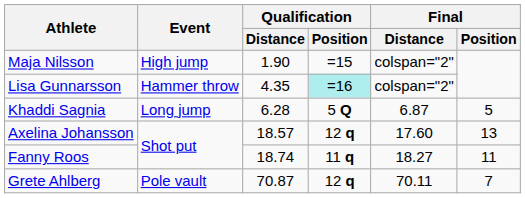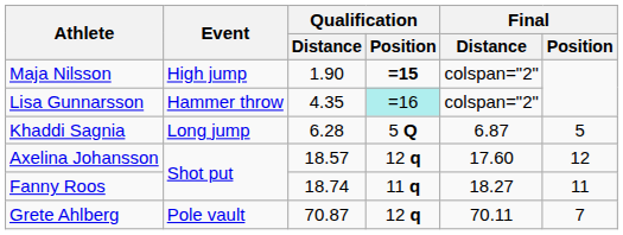 <table class="wikitable" style="font-size:90%">
 <tr>
 <th rowspan="2">Athlete</th>
 <th rowspan="2">Event</th>
 <th colspan="2">Qualification</th>
 <th colspan="2">Final</th>
 </tr>
 <tr style="font-size:95%">
 <th>Distance</th>
 <th>Position</th>
 <th>Distance</th>
 <th>Position</th>
 </tr>
 <tr align="center">
 <td align="left"><a href='#'>Maja Nilsson</a></td>
 <td align="left"><a href='#'>High jump</a></td>
 <td>1.90</td>
-<td>=15</td>
+<td><strong>=15</strong></td>
 <td>colspan="2" </td>
 </tr>
 <tr align="center">
 <td align="left"><a href='#'>Lisa Gunnarsson</a></td>
 <td align="left"><a href='#'>Hammer throw</a></td>
 <td>4.35</td>
 <td style="background: paleturquoise;">=16</td>
 <td>colspan="2" </td>
 </tr>
 <tr align="center">
 <td align="left"><a href='#'>Khaddi Sagnia</a></td>
 <td align="left"><a href='#'>Long jump</a></td>
 <td>6.28</td>
 <td>5 <strong>Q</strong></td>
 <td>6.87</td>
 <td>5</td>
 </tr>
 <tr align="center">
 <td align="left"><a href='#'>Axelina Johansson</a></td>
 <td rowspan="2" align="left"><a href='#'>Shot put</a></td>
 <td>18.57 </td>
 <td>12 <strong>q</strong></td>
 <td>17.60</td>
-<td>13</td>
+<td>12</td>
 </tr>
 <tr align="center">
 <td align="left"><a href='#'>Fanny Roos</a></td>
 <td>18.74</td>
 <td>11 <strong>q</strong></td>
 <td>18.27</td>
 <td>11</td>
 </tr>
 <tr align="center">
 <td align="left"><a href='#'>Grete Ahlberg</a></td>
 <td align="left"><a href='#'>Pole vault</a></td>
 <td>70.87 </td>
 <td>12 <strong>q</strong></td>
 <td>70.11</td>
 <td>7</td>
 </tr>
 </table>
